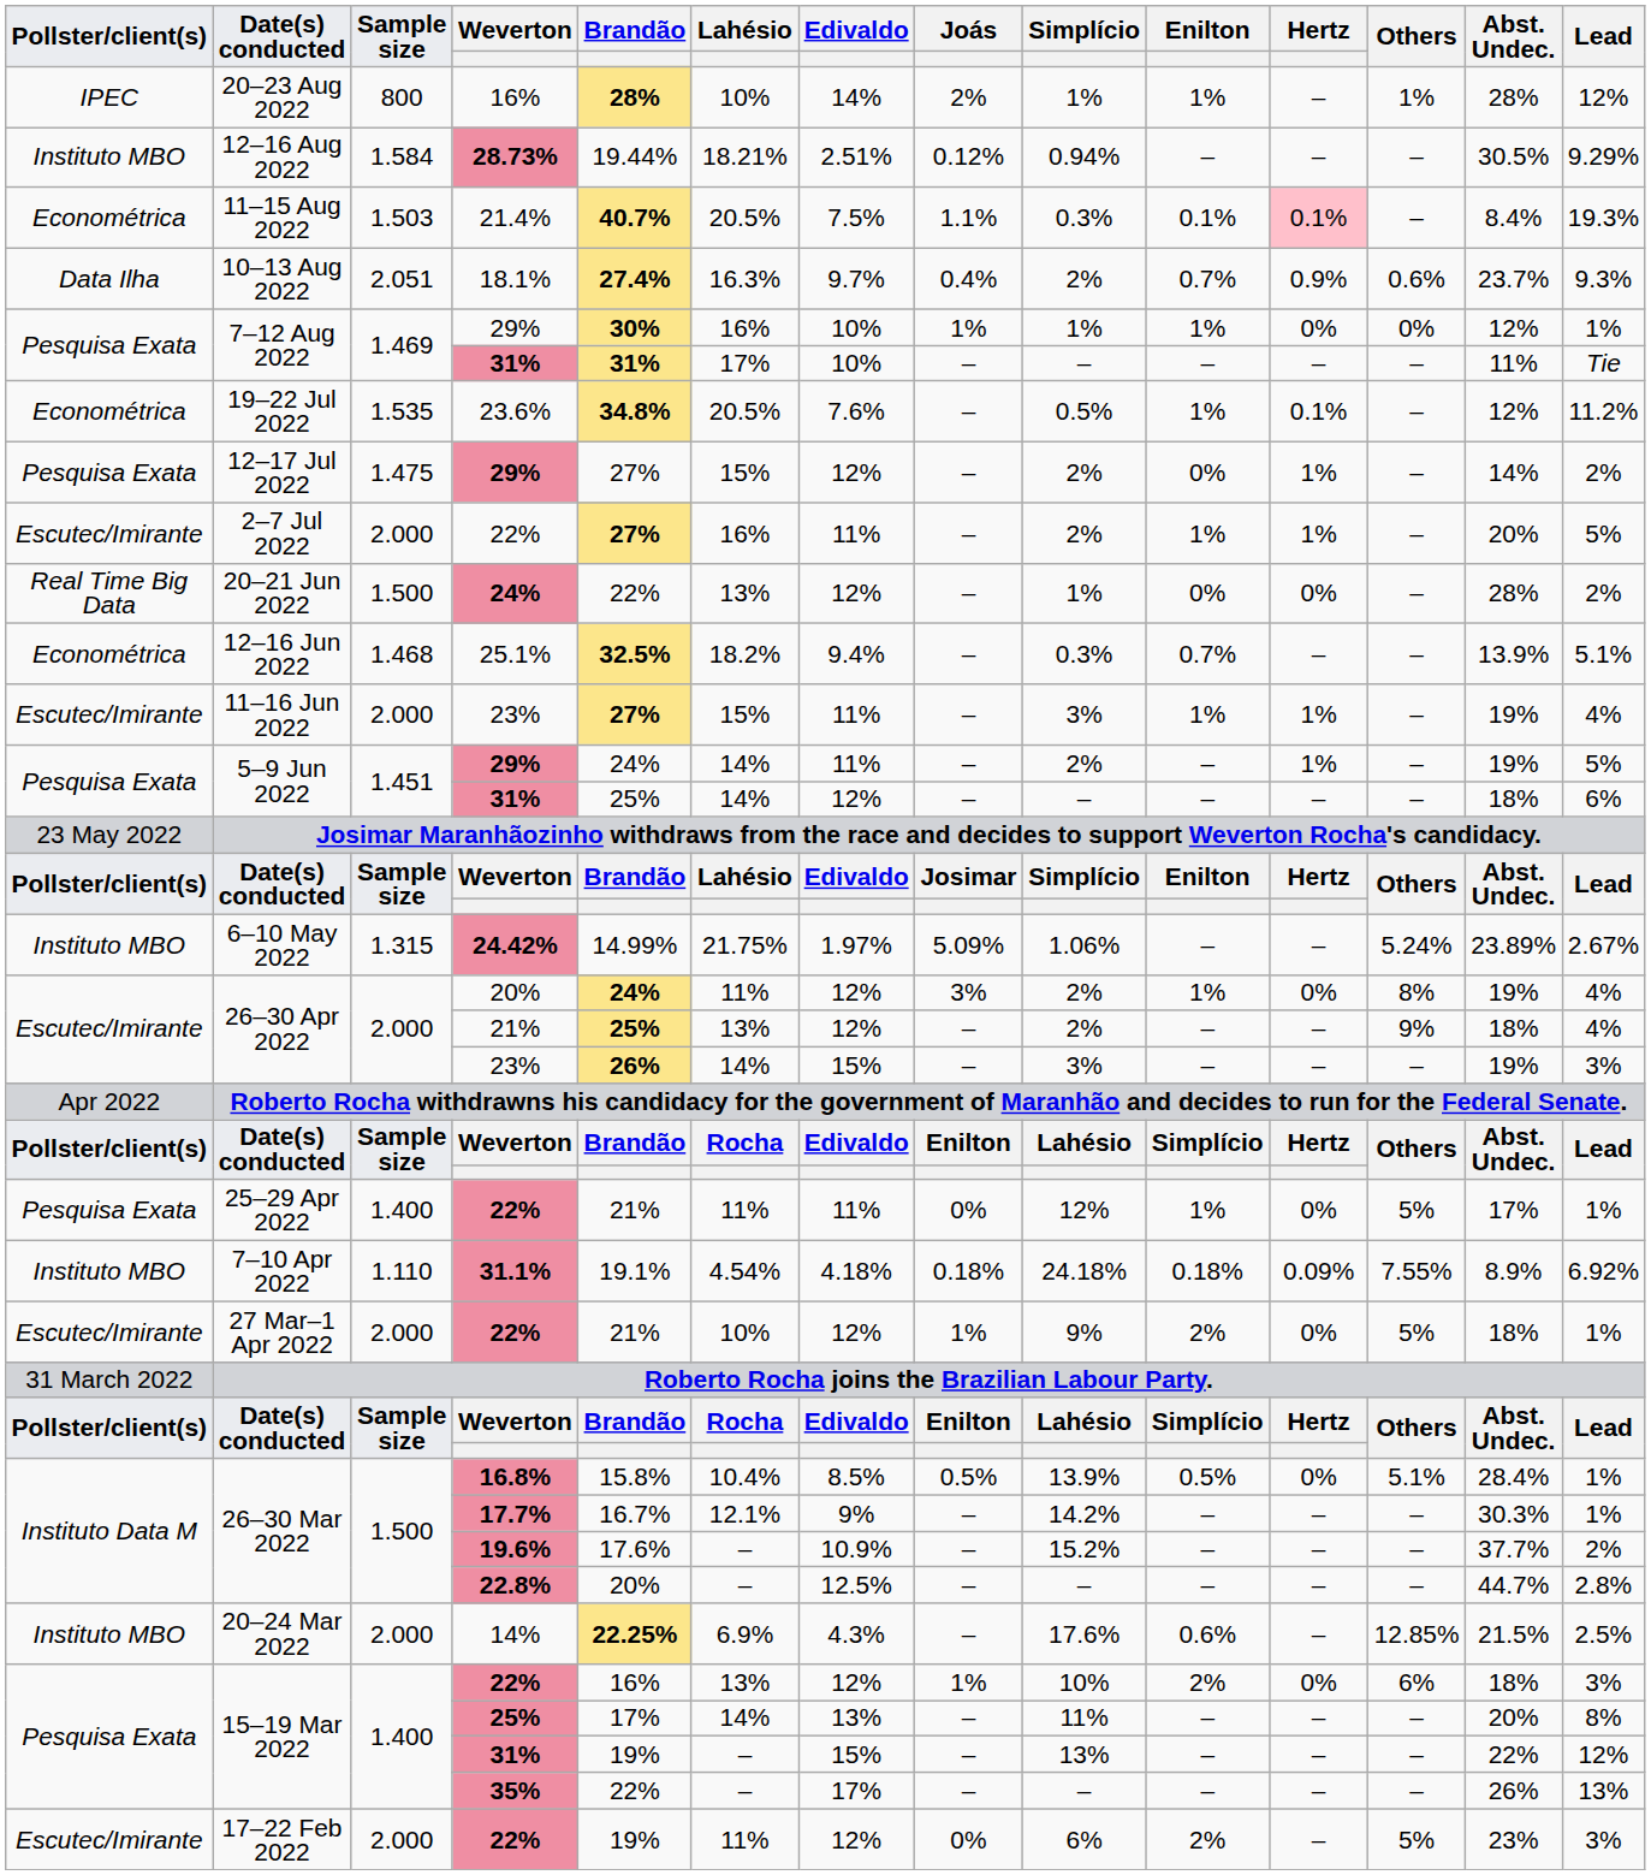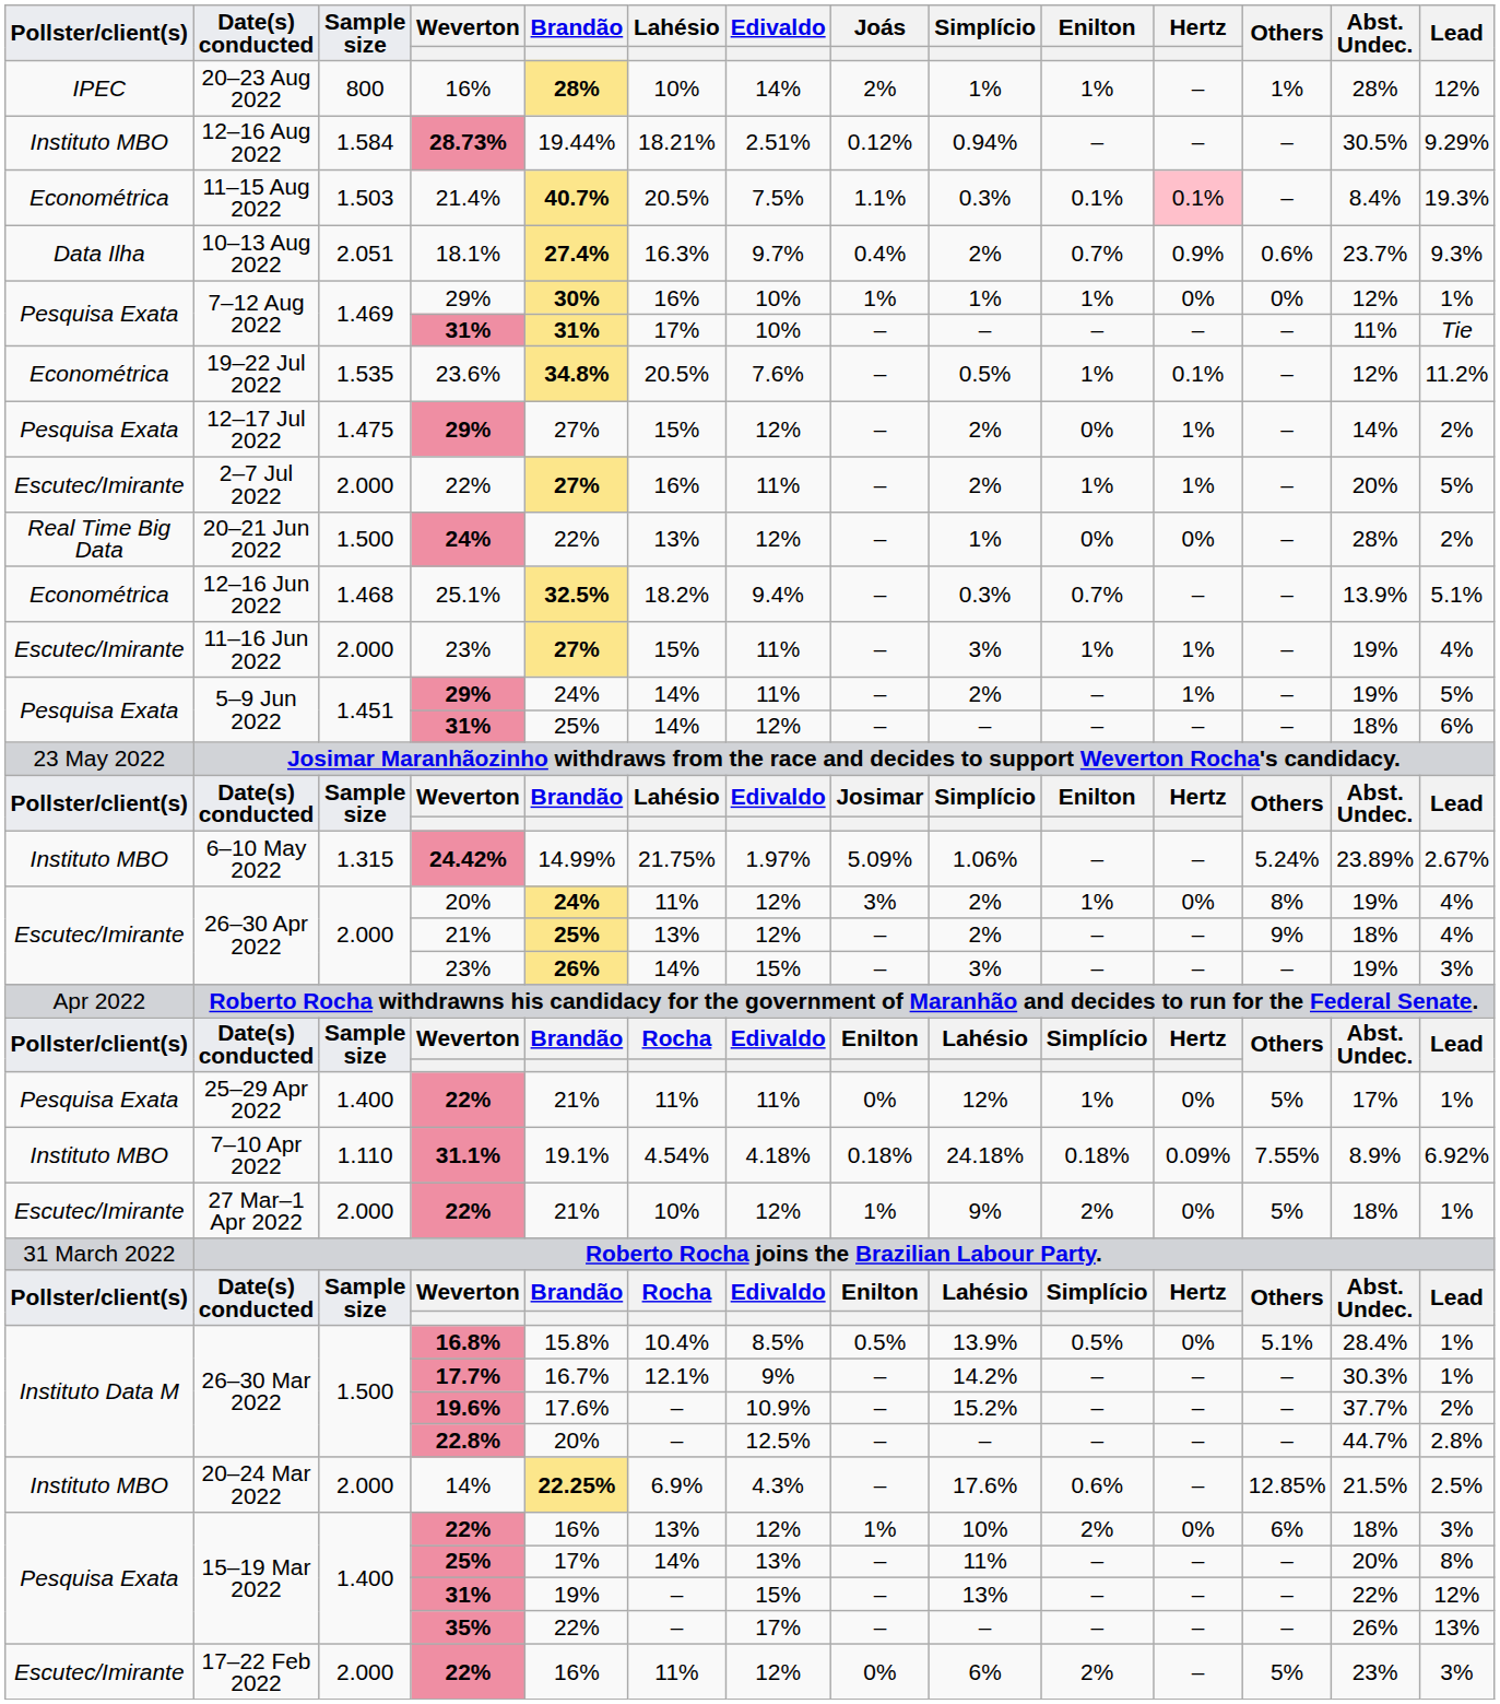 <table class="wikitable sortable" style="text-align:center;font-size:90%;line-height:14px;">
 <tr>
 <td rowspan="2" class="unsortable" style="width:50px;background:#eaecf0;"><strong>Pollster/client(s)</strong></td>
 <td rowspan="2" class="unsortable" style="width:50px;background:#eaecf0;"><strong>Date(s) <br>conducted</strong></td>
 <td rowspan="2" class="unsortable" style="width:50px;background:#eaecf0;"><strong>Sample <br>size</strong></td>
 <th class="unsortable" style="width:50px;">Weverton<br></th>
 <th class="unsortable" style="width:50px;"><a href='#'>Brandão</a><br></th>
 <th class="unsortable" style="width:50px;">Lahésio<br></th>
 <th class="unsortable" style="width:50px;"><a href='#'>Edivaldo</a><br></th>
 <th class="unsortable" style="width:50px;">Joás<br></th>
 <th class="unsortable" style="width:50px;">Simplício<br></th>
 <th class="unsortable" style="width:50px;">Enilton<br></th>
 <th class="unsortable" style="width:50px;">Hertz<br></th>
 <th rowspan="2">Others</th>
 <th rowspan="2">Abst.<br>Undec.</th>
 <th rowspan="2" class="unsortable">Lead</th>
 </tr>
 <tr>
 <th style="background:"></th>
 <th style="background:"></th>
 <th style="background:"></th>
 <th style="background:"></th>
 <th style="background:"></th>
 <th style="background:"></th>
 <th style="background:"></th>
 <th style="background:"></th>
 </tr>
 <tr>
 <td><em>IPEC</em></td>
 <td>20–23 Aug 2022</td>
 <td>800</td>
 <td>16%</td>
 <td style="background:#fce68b;"><strong>28%</strong></td>
 <td>10%</td>
 <td>14%</td>
 <td>2%</td>
 <td>1%</td>
 <td>1%</td>
 <td>–</td>
 <td>1%</td>
 <td>28%</td>
 <td style="background:">12%</td>
 </tr>
 <tr>
 <td><em>Instituto MBO</em></td>
 <td>12–16 Aug 2022</td>
 <td>1.584</td>
 <td style="background:#ef8ea3;"><strong>28.73%</strong></td>
 <td>19.44%</td>
 <td>18.21%</td>
 <td>2.51%</td>
 <td>0.12%</td>
 <td>0.94%</td>
 <td>–</td>
 <td>–</td>
 <td>–</td>
 <td>30.5%</td>
 <td style="background:">9.29%</td>
 </tr>
 <tr>
 <td><em>Econométrica</em></td>
 <td>11–15 Aug 2022</td>
 <td>1.503</td>
 <td>21.4%</td>
 <td style="background:#fce68b;"><strong>40.7%</strong></td>
 <td>20.5%</td>
 <td>7.5%</td>
 <td>1.1%</td>
 <td>0.3%</td>
 <td>0.1%</td>
 <td style="background: pink;">0.1%</td>
 <td>–</td>
 <td>8.4%</td>
 <td style="background:">19.3%</td>
 </tr>
 <tr>
 <td><em>Data Ilha</em></td>
 <td>10–13 Aug 2022</td>
 <td>2.051</td>
 <td>18.1%</td>
 <td style="background:#fce68b;"><strong>27.4%</strong></td>
 <td>16.3%</td>
 <td>9.7%</td>
 <td>0.4%</td>
 <td>2%</td>
 <td>0.7%</td>
 <td>0.9%</td>
 <td>0.6%</td>
 <td>23.7%</td>
 <td style="background:">9.3%</td>
 </tr>
 <tr>
 <td rowspan="2"><em>Pesquisa Exata</em></td>
 <td rowspan="2">7–12 Aug 2022</td>
 <td rowspan="2">1.469</td>
 <td>29%</td>
 <td style="background:#fce68b;"><strong>30%</strong></td>
 <td>16%</td>
 <td>10%</td>
 <td>1%</td>
 <td>1%</td>
 <td>1%</td>
 <td>0%</td>
 <td>0%</td>
 <td>12%</td>
 <td style="background:">1%</td>
 </tr>
 <tr>
 <td style="background:#ef8ea3;"><strong>31%</strong></td>
 <td style="background:#fce68b;"><strong>31%</strong></td>
 <td>17%</td>
 <td>10%</td>
 <td>–</td>
 <td>–</td>
 <td>–</td>
 <td>–</td>
 <td>–</td>
 <td>11%</td>
 <td><em>Tie</em></td>
 </tr>
 <tr>
 <td><em>Econométrica</em></td>
 <td>19–22 Jul 2022</td>
 <td>1.535</td>
 <td>23.6%</td>
 <td style="background:#fce68b;"><strong>34.8%</strong></td>
 <td>20.5%</td>
 <td>7.6%</td>
 <td>–</td>
 <td>0.5%</td>
 <td>1%</td>
 <td>0.1%</td>
 <td>–</td>
 <td>12%</td>
 <td style="background:">11.2%</td>
 </tr>
 <tr>
 <td><em>Pesquisa Exata</em></td>
 <td>12–17 Jul 2022</td>
 <td>1.475</td>
 <td style="background:#ef8ea3;"><strong>29%</strong></td>
 <td>27%</td>
 <td>15%</td>
 <td>12%</td>
 <td>–</td>
 <td>2%</td>
 <td>0%</td>
 <td>1%</td>
 <td>–</td>
 <td>14%</td>
 <td style="background:">2%</td>
 </tr>
 <tr>
 <td><em>Escutec/Imirante</em></td>
 <td>2–7 Jul 2022</td>
 <td>2.000</td>
 <td>22%</td>
 <td style="background:#fce68b;"><strong>27%</strong></td>
 <td>16%</td>
 <td>11%</td>
 <td>–</td>
 <td>2%</td>
 <td>1%</td>
 <td>1%</td>
 <td>–</td>
 <td>20%</td>
 <td style="background:">5%</td>
 </tr>
 <tr>
 <td><em>Real Time Big Data</em></td>
 <td>20–21 Jun 2022</td>
 <td>1.500</td>
 <td style="background:#ef8ea3;"><strong>24%</strong></td>
 <td>22%</td>
 <td>13%</td>
 <td>12%</td>
 <td>–</td>
 <td>1%</td>
 <td>0%</td>
 <td>0%</td>
 <td>–</td>
 <td>28%</td>
 <td style="background:">2%</td>
 </tr>
 <tr>
 <td><em>Econométrica</em></td>
 <td>12–16 Jun 2022</td>
 <td>1.468</td>
 <td>25.1%</td>
 <td style="background:#fce68b;"><strong>32.5%</strong></td>
 <td>18.2%</td>
 <td>9.4%</td>
 <td>–</td>
 <td>0.3%</td>
 <td>0.7%</td>
 <td>–</td>
 <td>–</td>
 <td>13.9%</td>
 <td style="background:">5.1%</td>
 </tr>
 <tr>
 <td><em>Escutec/Imirante</em></td>
 <td>11–16 Jun 2022</td>
 <td>2.000</td>
 <td>23%</td>
 <td style="background:#fce68b;"><strong>27%</strong></td>
 <td>15%</td>
 <td>11%</td>
 <td>–</td>
 <td>3%</td>
 <td>1%</td>
 <td>1%</td>
 <td>–</td>
 <td>19%</td>
 <td style="background:">4%</td>
 </tr>
 <tr>
 <td rowspan="2"><em>Pesquisa Exata</em></td>
 <td rowspan="2">5–9 Jun 2022</td>
 <td rowspan="2">1.451</td>
 <td style="background:#ef8ea3;"><strong>29%</strong></td>
 <td>24%</td>
 <td>14%</td>
 <td>11%</td>
 <td>–</td>
 <td>2%</td>
 <td>–</td>
 <td>1%</td>
 <td>–</td>
 <td>19%</td>
 <td style="background:">5%</td>
 </tr>
 <tr>
 <td style="background:#ef8ea3;"><strong>31%</strong></td>
 <td>25%</td>
 <td>14%</td>
 <td>12%</td>
 <td>–</td>
 <td>–</td>
 <td>–</td>
 <td>–</td>
 <td>–</td>
 <td>18%</td>
 <td style="background:">6%</td>
 </tr>
 <tr>
 <td style="background:#d1d3d7;">23 May 2022</td>
 <td colspan="13" style="background:#d1d3d7;"><strong><a href='#'>Josimar Maranhãozinho</a> withdraws from the race and decides to support <a href='#'>Weverton Rocha</a>'s candidacy. </strong></td>
 </tr>
 <tr>
 <td rowspan="2" class="unsortable" style="width:50px;background:#eaecf0;"><strong>Pollster/client(s)</strong></td>
 <td rowspan="2" class="unsortable" style="width:50px;background:#eaecf0;"><strong>Date(s) <br>conducted</strong></td>
 <td rowspan="2" class="unsortable" style="width:50px;background:#eaecf0;"><strong>Sample <br>size</strong></td>
 <th class="unsortable" style="width:50px;">Weverton<br></th>
 <th class="unsortable" style="width:50px;"><a href='#'>Brandão</a><br></th>
 <th class="unsortable" style="width:50px;">Lahésio<br></th>
 <th class="unsortable" style="width:50px;"><a href='#'>Edivaldo</a><br></th>
 <th class="unsortable" style="width:50px;">Josimar<br></th>
 <th class="unsortable" style="width:50px;">Simplício<br></th>
 <th class="unsortable" style="width:50px;">Enilton<br></th>
 <th class="unsortable" style="width:50px;">Hertz<br></th>
 <th rowspan="2">Others</th>
 <th rowspan="2">Abst.<br>Undec.</th>
 <th rowspan="2" class="unsortable">Lead</th>
 </tr>
 <tr>
 <th style="background:"></th>
 <th style="background:"></th>
 <th style="background:"></th>
 <th style="background:"></th>
 <th style="background:"></th>
 <th style="background:"></th>
 <th style="background:"></th>
 <th style="background:"></th>
 </tr>
 <tr>
 <td><em>Instituto MBO</em></td>
 <td>6–10 May 2022</td>
 <td>1.315</td>
 <td style="background:#ef8ea3;"><strong>24.42%</strong></td>
 <td>14.99%</td>
 <td>21.75%</td>
 <td>1.97%</td>
 <td>5.09%</td>
 <td>1.06%</td>
 <td>–</td>
 <td>–</td>
 <td>5.24%</td>
 <td>23.89%</td>
 <td style="background:">2.67%</td>
 </tr>
 <tr>
 <td rowspan="3"><em>Escutec/Imirante</em></td>
 <td rowspan="3">26–30 Apr 2022</td>
 <td rowspan="3">2.000</td>
 <td>20%</td>
 <td style="background:#fce68b;"><strong>24%</strong></td>
 <td>11%</td>
 <td>12%</td>
 <td>3%</td>
 <td>2%</td>
 <td>1%</td>
 <td>0%</td>
 <td>8%</td>
 <td>19%</td>
 <td style="background:">4%</td>
 </tr>
 <tr>
 <td>21%</td>
 <td style="background:#fce68b;"><strong>25%</strong></td>
 <td>13%</td>
 <td>12%</td>
 <td>–</td>
 <td>2%</td>
 <td>–</td>
 <td>–</td>
 <td>9%</td>
 <td>18%</td>
 <td style="background:">4%</td>
 </tr>
 <tr>
 <td>23%</td>
 <td style="background:#fce68b;"><strong>26%</strong></td>
 <td>14%</td>
 <td>15%</td>
 <td>–</td>
 <td>3%</td>
 <td>–</td>
 <td>–</td>
 <td>–</td>
 <td>19%</td>
 <td style="background:">3%</td>
 </tr>
 <tr>
 <td style="background:#d1d3d7;">Apr 2022</td>
 <td colspan="13" style="background:#d1d3d7;"><strong><a href='#'>Roberto Rocha</a> withdrawns his candidacy for the government of <a href='#'>Maranhão</a> and decides to run for the <a href='#'>Federal Senate</a>.</strong></td>
 </tr>
 <tr>
 <td rowspan="2" class="unsortable" style="width:50px;background:#eaecf0;"><strong>Pollster/client(s)</strong></td>
 <td rowspan="2" class="unsortable" style="width:50px;background:#eaecf0;"><strong>Date(s) <br>conducted</strong></td>
 <td rowspan="2" class="unsortable" style="width:50px;background:#eaecf0;"><strong>Sample <br>size</strong></td>
 <th class="unsortable" style="width:50px;">Weverton<br></th>
 <th class="unsortable" style="width:50px;"><a href='#'>Brandão</a><br></th>
 <th class="unsortable" style="width:50px;"><a href='#'>Rocha</a><br></th>
 <th class="unsortable" style="width:50px;"><a href='#'>Edivaldo</a><br></th>
 <th class="unsortable" style="width:50px;">Enilton<br></th>
 <th class="unsortable" style="width:50px;">Lahésio<br></th>
 <th class="unsortable" style="width:50px;">Simplício<br></th>
 <th class="unsortable" style="width:50px;">Hertz<br></th>
 <th rowspan="2">Others</th>
 <th rowspan="2">Abst.<br>Undec.</th>
 <th rowspan="2" class="unsortable">Lead</th>
 </tr>
 <tr>
 <th style="background:"></th>
 <th style="background:"></th>
 <th style="background:"></th>
 <th style="background:"></th>
 <th style="background:"></th>
 <th style="background:"></th>
 <th style="background:"></th>
 <th style="background:"></th>
 </tr>
 <tr>
 <td><em>Pesquisa Exata</em></td>
 <td>25–29 Apr 2022</td>
 <td>1.400</td>
 <td style="background:#ef8ea3;"><strong>22%</strong></td>
 <td>21%</td>
 <td>11%</td>
 <td>11%</td>
 <td>0%</td>
 <td>12%</td>
 <td>1%</td>
 <td>0%</td>
 <td>5%</td>
 <td>17%</td>
 <td style="background:">1%</td>
 </tr>
 <tr>
 <td><em>Instituto MBO</em></td>
 <td>7–10 Apr 2022</td>
 <td>1.110</td>
 <td style="background:#ef8ea3;"><strong>31.1%</strong></td>
 <td>19.1%</td>
 <td>4.54%</td>
 <td>4.18%</td>
 <td>0.18%</td>
 <td>24.18%</td>
 <td>0.18%</td>
 <td>0.09%</td>
 <td>7.55%</td>
 <td>8.9%</td>
 <td style="background:">6.92%</td>
 </tr>
 <tr>
 <td><em>Escutec/Imirante</em></td>
 <td>27 Mar–1 Apr 2022</td>
 <td>2.000</td>
 <td style="background:#ef8ea3;"><strong>22%</strong></td>
 <td>21%</td>
 <td>10%</td>
 <td>12%</td>
 <td>1%</td>
 <td>9%</td>
 <td>2%</td>
 <td>0%</td>
 <td>5%</td>
 <td>18%</td>
 <td style="background:">1%</td>
 </tr>
 <tr>
 <td style="background:#d1d3d7;">31 March 2022</td>
 <td colspan="13" style="background:#d1d3d7;"><strong><a href='#'>Roberto Rocha</a> joins the <a href='#'>Brazilian Labour Party</a>.</strong></td>
 </tr>
 <tr>
 <td rowspan="2" class="unsortable" style="width:50px;background:#eaecf0;"><strong>Pollster/client(s)</strong></td>
 <td rowspan="2" class="unsortable" style="width:50px;background:#eaecf0;"><strong>Date(s) <br>conducted</strong></td>
 <td rowspan="2" class="unsortable" style="width:50px;background:#eaecf0;"><strong>Sample <br>size</strong></td>
 <th class="unsortable" style="width:50px;">Weverton<br></th>
 <th class="unsortable" style="width:50px;"><a href='#'>Brandão</a><br></th>
 <th class="unsortable" style="width:50px;"><a href='#'>Rocha</a><br></th>
 <th class="unsortable" style="width:50px;"><a href='#'>Edivaldo</a><br></th>
 <th class="unsortable" style="width:50px;">Enilton<br></th>
 <th class="unsortable" style="width:50px;">Lahésio<br></th>
 <th class="unsortable" style="width:50px;">Simplício<br></th>
 <th class="unsortable" style="width:50px;">Hertz<br></th>
 <th rowspan="2">Others</th>
 <th rowspan="2">Abst.<br>Undec.</th>
 <th rowspan="2" class="unsortable">Lead</th>
 </tr>
 <tr>
 <th style="background:"></th>
 <th style="background:"></th>
 <th style="background:"></th>
 <th style="background:"></th>
 <th style="background:"></th>
 <th style="background:"></th>
 <th style="background:"></th>
 <th style="background:"></th>
 </tr>
 <tr>
 <td rowspan="4"><em>Instituto Data M</em></td>
 <td rowspan="4">26–30 Mar 2022</td>
 <td rowspan="4">1.500</td>
 <td style="background:#ef8ea3;"><strong>16.8%</strong></td>
 <td>15.8%</td>
 <td>10.4%</td>
 <td>8.5%</td>
 <td>0.5%</td>
 <td>13.9%</td>
 <td>0.5%</td>
 <td>0%</td>
 <td>5.1%</td>
 <td>28.4%</td>
 <td style="background:">1%</td>
 </tr>
 <tr>
 <td style="background:#ef8ea3;"><strong>17.7%</strong></td>
 <td>16.7%</td>
 <td>12.1%</td>
 <td>9%</td>
 <td>–</td>
 <td>14.2%</td>
 <td>–</td>
 <td>–</td>
 <td>–</td>
 <td>30.3%</td>
 <td style="background:">1%</td>
 </tr>
 <tr>
 <td style="background:#ef8ea3;"><strong>19.6%</strong></td>
 <td>17.6%</td>
 <td>–</td>
 <td>10.9%</td>
 <td>–</td>
 <td>15.2%</td>
 <td>–</td>
 <td>–</td>
 <td>–</td>
 <td>37.7%</td>
 <td style="background:">2%</td>
 </tr>
 <tr>
 <td style="background:#ef8ea3;"><strong>22.8%</strong></td>
 <td>20%</td>
 <td>–</td>
 <td>12.5%</td>
 <td>–</td>
 <td>–</td>
 <td>–</td>
 <td>–</td>
 <td>–</td>
 <td>44.7%</td>
 <td style="background:">2.8%</td>
 </tr>
 <tr>
 <td><em>Instituto MBO</em></td>
 <td>20–24 Mar 2022</td>
 <td>2.000</td>
 <td>14%</td>
 <td style="background:#fce68b;"><strong>22.25%</strong></td>
 <td>6.9%</td>
 <td>4.3%</td>
 <td>–</td>
 <td>17.6%</td>
 <td>0.6%</td>
 <td>–</td>
 <td>12.85%</td>
 <td>21.5%</td>
 <td style="background:">2.5%</td>
 </tr>
 <tr>
 <td rowspan="4"><em>Pesquisa Exata</em></td>
 <td rowspan="4">15–19 Mar 2022</td>
 <td rowspan="4">1.400</td>
 <td style="background:#ef8ea3;"><strong>22%</strong></td>
 <td>16%</td>
 <td>13%</td>
 <td>12%</td>
 <td>1%</td>
 <td>10%</td>
 <td>2%</td>
 <td>0%</td>
 <td>6%</td>
 <td>18%</td>
 <td style="background:">3%</td>
 </tr>
 <tr>
 <td style="background:#ef8ea3;"><strong>25%</strong></td>
 <td>17%</td>
 <td>14%</td>
 <td>13%</td>
 <td>–</td>
 <td>11%</td>
 <td>–</td>
 <td>–</td>
 <td>–</td>
 <td>20%</td>
 <td style="background:">8%</td>
 </tr>
 <tr>
 <td style="background:#ef8ea3;"><strong>31%</strong></td>
 <td>19%</td>
 <td>–</td>
 <td>15%</td>
 <td>–</td>
 <td>13%</td>
 <td>–</td>
 <td>–</td>
 <td>–</td>
 <td>22%</td>
 <td style="background:">12%</td>
 </tr>
 <tr>
 <td style="background:#ef8ea3;"><strong>35%</strong></td>
 <td>22%</td>
 <td>–</td>
 <td>17%</td>
 <td>–</td>
 <td>–</td>
 <td>–</td>
 <td>–</td>
 <td>–</td>
 <td>26%</td>
 <td style="background:">13%</td>
 </tr>
 <tr>
 <td><em>Escutec/Imirante</em></td>
 <td>17–22 Feb 2022</td>
 <td>2.000</td>
 <td style="background:#ef8ea3;"><strong>22%</strong></td>
-<td>19%</td>
+<td>16%</td>
 <td>11%</td>
 <td>12%</td>
 <td>0%</td>
 <td>6%</td>
 <td>2%</td>
 <td>–</td>
 <td>5%</td>
 <td>23%</td>
 <td style="background:">3%</td>
 </tr>
 </table>
